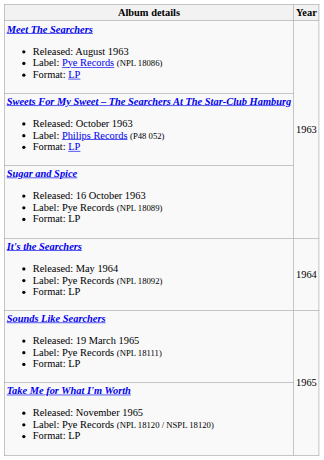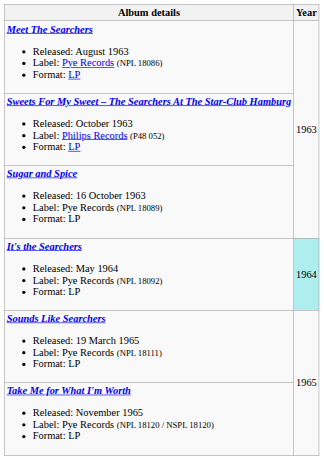 <table class="wikitable">
 <tr>
 <th>Album details</th>
 <th>Year</th>
 </tr>
 <tr>
 <td><strong><em><a href='#'>Meet The Searchers</a></em></strong><br><ul><li>Released: August 1963</li><li>Label: <a href='#'>Pye Records</a> <small>(NPL 18086)</small></li><li>Format: <a href='#'>LP</a></li></ul></td>
 <td rowspan="3">1963</td>
 </tr>
 <tr>
 <td><strong><em><a href='#'>Sweets For My Sweet – The Searchers At The Star-Club Hamburg</a></em></strong><br><ul><li>Released: October 1963</li><li>Label: <a href='#'>Philips Records</a> <small>(P48 052)</small></li><li>Format: <a href='#'>LP</a></li></ul></td>
 </tr>
 <tr>
 <td><strong><em><a href='#'>Sugar and Spice</a></em></strong><br><ul><li>Released: 16 October 1963</li><li>Label: Pye Records <small>(NPL 18089)</small></li><li>Format: LP</li></ul></td>
 </tr>
 <tr>
 <td><strong><em><a href='#'>It's the Searchers</a></em></strong><br><ul><li>Released: May 1964</li><li>Label: Pye Records <small>(NPL 18092)</small></li><li>Format: LP</li></ul></td>
-<td>1964</td>
+<td style="background: paleturquoise;">1964</td>
 </tr>
 <tr>
 <td><strong><em><a href='#'>Sounds Like Searchers</a></em></strong><br><ul><li>Released: 19 March 1965</li><li>Label: Pye Records <small>(NPL 18111)</small></li><li>Format: LP</li></ul></td>
 <td rowspan="2">1965</td>
 </tr>
 <tr>
 <td><strong><em><a href='#'>Take Me for What I'm Worth</a></em></strong><br><ul><li>Released: November 1965</li><li>Label: Pye Records <small>(NPL 18120 / NSPL 18120)</small></li><li>Format: LP</li></ul></td>
 </tr>
 </table>
